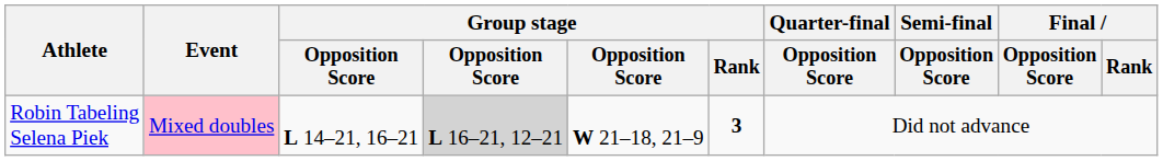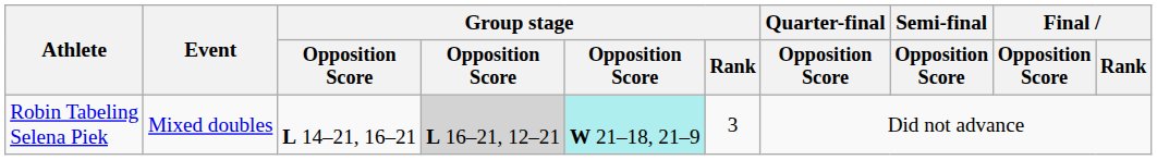 <table class="wikitable" style="font-size:90%">
 <tr>
 <th rowspan="2">Athlete</th>
 <th rowspan="2">Event</th>
 <th colspan="4">Group stage</th>
 <th>Quarter-final</th>
 <th>Semi-final</th>
 <th colspan="2">Final / </th>
 </tr>
 <tr style="font-size:95%">
 <th>Opposition<br>Score</th>
 <th>Opposition<br>Score</th>
 <th>Opposition<br>Score</th>
 <th>Rank</th>
 <th>Opposition<br>Score</th>
 <th>Opposition<br>Score</th>
 <th>Opposition<br>Score</th>
 <th>Rank</th>
 </tr>
 <tr align="center">
 <td align="left"><a href='#'>Robin Tabeling</a><br><a href='#'>Selena Piek</a></td>
-<td align="left" style="background: pink;"><a href='#'>Mixed doubles</a></td>
+<td align="left"><a href='#'>Mixed doubles</a></td>
 <td><br><strong>L</strong> 14–21, 16–21</td>
 <td style="background: lightgrey;"><br><strong>L</strong> 16–21, 12–21</td>
-<td><br><strong>W</strong> 21–18, 21–9</td>
-<td><strong>3</strong></td>
+<td style="background: paleturquoise;"><br><strong>W</strong> 21–18, 21–9</td>
+<td>3</td>
 <td colspan=4>Did not advance</td>
 </tr>
 </table>
